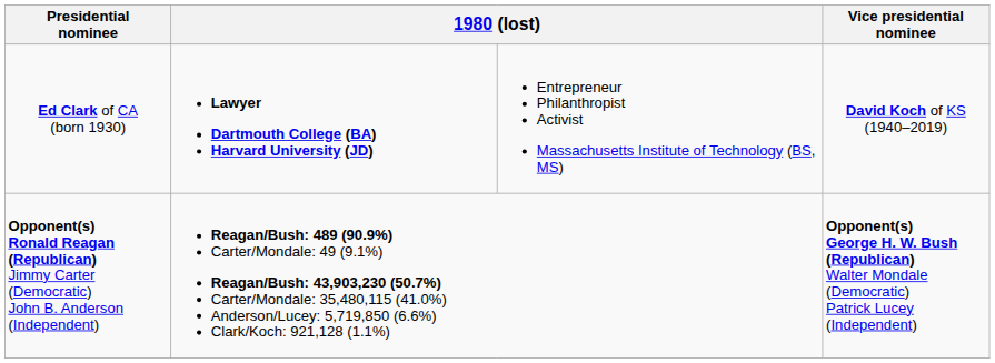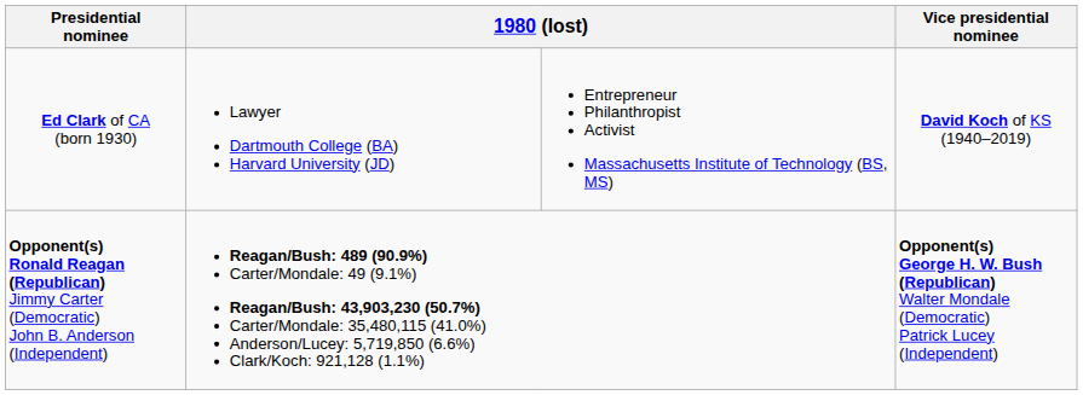 <table class="wikitable">
 <tr>
 <th width=175>Presidential<br>nominee</th>
 <th colspan=2><big><a href='#'>1980</a> (lost)</big></th>
 <th width=175>Vice presidential<br>nominee</th>
 </tr>
 <tr>
 <td style="text-align:center;"><strong><a href='#'>Ed Clark</a></strong> of <a href='#'>CA</a><br>(born 1930)<br></td>
-<td width=350><strong><br><ul><li>Lawyer</li></ul><ul><li><a href='#'>Dartmouth College</a> (<a href='#'>BA</a>)</li><li><a href='#'>Harvard University</a> (<a href='#'>JD</a>)</li></ul></strong></td>
+<td width=350><br><ul><li>Lawyer</li></ul><ul><li><a href='#'>Dartmouth College</a> (<a href='#'>BA</a>)</li><li><a href='#'>Harvard University</a> (<a href='#'>JD</a>)</li></ul></td>
 <td width=350><br><ul><li>Entrepreneur</li><li>Philanthropist</li><li>Activist</li></ul><ul><li><a href='#'>Massachusetts Institute of Technology</a> (<a href='#'>BS</a>, <a href='#'>MS</a>)</li></ul></td>
 <td style="text-align:center;"><strong><a href='#'>David Koch</a></strong> of <a href='#'>KS</a><br>(1940–2019)<br></td>
 </tr>
 <tr>
 <td><strong>Opponent(s)</strong><br><strong><a href='#'>Ronald Reagan</a> (<a href='#'>Republican</a>)</strong><br><a href='#'>Jimmy Carter</a> (<a href='#'>Democratic</a>)<br><a href='#'>John B. Anderson</a> (<a href='#'>Independent</a>)</td>
 <td colspan=2><br><ul><li><strong>Reagan/Bush: 489 (90.9%)</strong></li><li>Carter/Mondale: 49 (9.1%)</li></ul><ul><li><strong>Reagan/Bush: 43,903,230 (50.7%)</strong></li><li>Carter/Mondale: 35,480,115 (41.0%)</li><li>Anderson/Lucey: 5,719,850 (6.6%)</li><li>Clark/Koch: 921,128 (1.1%)</li></ul></td>
 <td><strong>Opponent(s)</strong><br><strong><a href='#'>George H. W. Bush</a> (<a href='#'>Republican</a>)</strong><br><a href='#'>Walter Mondale</a> (<a href='#'>Democratic</a>)<br><a href='#'>Patrick Lucey</a> (<a href='#'>Independent</a>)</td>
 </tr>
 </table>
